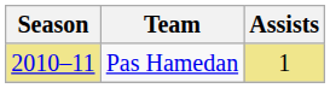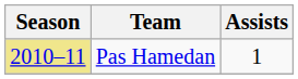 <table class="wikitable" style="text-align: center;">
 <tr>
 <th>Season</th>
 <th>Team</th>
 <th>Assists</th>
 </tr>
 <tr>
 <td style="background: khaki;"><a href='#'>2010–11</a></td>
 <td align="left"><a href='#'>Pas Hamedan</a></td>
-<td style="background: khaki;">1</td>
+<td>1</td>
 </tr>
 <tr>
 </tr>
 </table>
